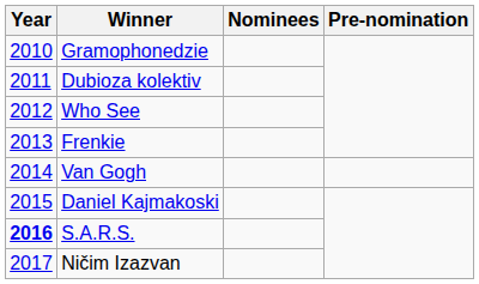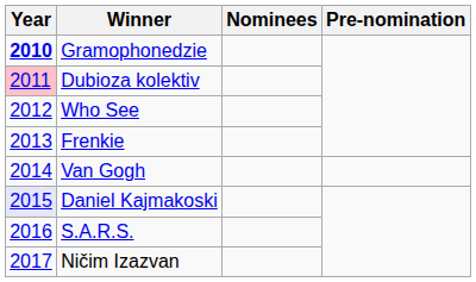 <table class="wikitable">
 <tr>
 <th>Year</th>
 <th>Winner</th>
 <th>Nominees</th>
 <th>Pre-nomination</th>
 </tr>
 <tr>
-<td><a href='#'>2010</a></td>
+<td><strong><a href='#'>2010</a></strong></td>
 <td><a href='#'>Gramophonedzie</a></td>
 <td></td>
 <td rowspan=4></td>
 </tr>
 <tr>
-<td><a href='#'>2011</a></td>
+<td style="background: pink;"><a href='#'>2011</a></td>
 <td><a href='#'>Dubioza kolektiv</a></td>
 <td></td>
 </tr>
 <tr>
 <td><a href='#'>2012</a></td>
 <td><a href='#'>Who See</a></td>
 <td></td>
 </tr>
 <tr>
 <td><a href='#'>2013</a></td>
 <td><a href='#'>Frenkie</a></td>
 <td></td>
 </tr>
 <tr>
 <td><a href='#'>2014</a></td>
 <td><a href='#'>Van Gogh</a></td>
 <td></td>
 <td><br></td>
 </tr>
 <tr>
-<td><a href='#'>2015</a></td>
+<td style="background: lavender;"><a href='#'>2015</a></td>
 <td><a href='#'>Daniel Kajmakoski</a></td>
 <td></td>
 <td rowspan="3"></td>
 </tr>
 <tr>
-<td><strong><a href='#'>2016</a></strong></td>
+<td><a href='#'>2016</a></td>
 <td><a href='#'>S.A.R.S.</a></td>
 <td></td>
 </tr>
 <tr>
 <td><a href='#'>2017</a></td>
 <td>Ničim Izazvan</td>
 <td></td>
 </tr>
 </table>
